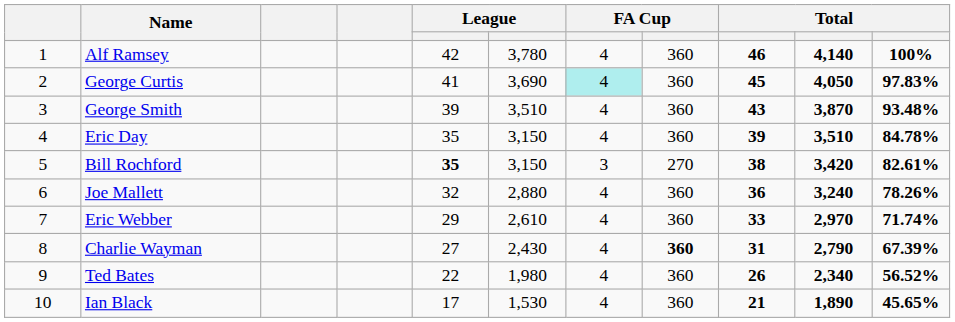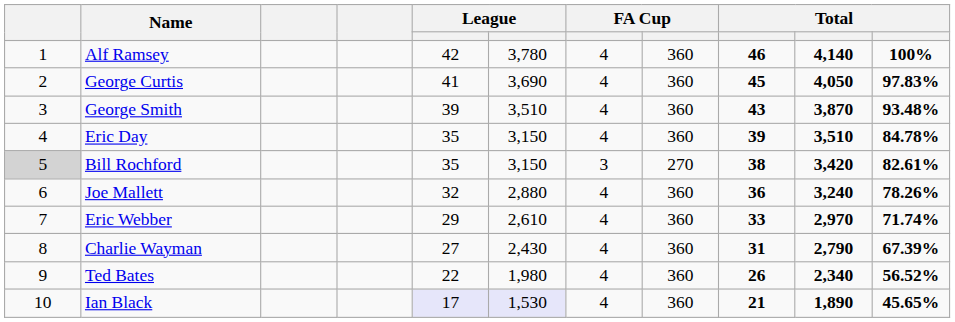 <table class="wikitable plainrowheaders" style="text-align:center;">
 <tr>
 <th scope="col" rowspan="2" style="width:4em;"></th>
 <th scope="col" rowspan="2" style="width:10em;">Name</th>
 <th scope="col" rowspan="2" style="width:4em;"></th>
 <th scope="col" rowspan="2" style="width:4em;"></th>
 <th scope="col" colspan="2">League</th>
 <th scope="col" colspan="2">FA Cup</th>
 <th scope="col" colspan="3">Total</th>
 </tr>
 <tr>
 <th scope="col" style="width:4em;"></th>
 <th scope="col" style="width:4em;"></th>
 <th scope="col" style="width:4em;"></th>
 <th scope="col" style="width:4em;"></th>
 <th scope="col" style="width:4em;"></th>
 <th scope="col" style="width:4em;"></th>
 <th scope="col" style="width:4em;"></th>
 </tr>
 <tr>
 <td>1</td>
 <td align="left"><a href='#'>Alf Ramsey</a></td>
 <td></td>
 <td></td>
 <td>42</td>
 <td>3,780</td>
 <td>4</td>
 <td>360</td>
 <td><strong>46</strong></td>
 <td><strong>4,140</strong></td>
 <td><strong>100%</strong></td>
 </tr>
 <tr>
 <td>2</td>
 <td align="left"><a href='#'>George Curtis</a></td>
 <td></td>
 <td></td>
 <td>41</td>
 <td>3,690</td>
-<td style="background: paleturquoise;">4</td>
+<td>4</td>
 <td>360</td>
 <td><strong>45</strong></td>
 <td><strong>4,050</strong></td>
 <td><strong>97.83%</strong></td>
 </tr>
 <tr>
 <td>3</td>
 <td align="left"><a href='#'>George Smith</a></td>
 <td></td>
 <td></td>
 <td>39</td>
 <td>3,510</td>
 <td>4</td>
 <td>360</td>
 <td><strong>43</strong></td>
 <td><strong>3,870</strong></td>
 <td><strong>93.48%</strong></td>
 </tr>
 <tr>
 <td>4</td>
 <td align="left"><a href='#'>Eric Day</a></td>
 <td></td>
 <td></td>
 <td>35</td>
 <td>3,150</td>
 <td>4</td>
 <td>360</td>
 <td><strong>39</strong></td>
 <td><strong>3,510</strong></td>
 <td><strong>84.78%</strong></td>
 </tr>
 <tr>
-<td>5</td>
+<td style="background: lightgrey;">5</td>
 <td align="left"><a href='#'>Bill Rochford</a></td>
 <td></td>
 <td></td>
-<td><strong>35</strong></td>
+<td>35</td>
 <td>3,150</td>
 <td>3</td>
 <td>270</td>
 <td><strong>38</strong></td>
 <td><strong>3,420</strong></td>
 <td><strong>82.61%</strong></td>
 </tr>
 <tr>
 <td>6</td>
 <td align="left"><a href='#'>Joe Mallett</a></td>
 <td></td>
 <td></td>
 <td>32</td>
 <td>2,880</td>
 <td>4</td>
 <td>360</td>
 <td><strong>36</strong></td>
 <td><strong>3,240</strong></td>
 <td><strong>78.26%</strong></td>
 </tr>
 <tr>
 <td>7</td>
 <td align="left"><a href='#'>Eric Webber</a></td>
 <td></td>
 <td></td>
 <td>29</td>
 <td>2,610</td>
 <td>4</td>
 <td>360</td>
 <td><strong>33</strong></td>
 <td><strong>2,970</strong></td>
 <td><strong>71.74%</strong></td>
 </tr>
 <tr>
 <td>8</td>
 <td align="left"><a href='#'>Charlie Wayman</a></td>
 <td></td>
 <td></td>
 <td>27</td>
 <td>2,430</td>
 <td>4</td>
-<td><strong>360</strong></td>
+<td>360</td>
 <td><strong>31</strong></td>
 <td><strong>2,790</strong></td>
 <td><strong>67.39%</strong></td>
 </tr>
 <tr>
 <td>9</td>
 <td align="left"><a href='#'>Ted Bates</a></td>
 <td></td>
 <td></td>
 <td>22</td>
 <td>1,980</td>
 <td>4</td>
 <td>360</td>
 <td><strong>26</strong></td>
 <td><strong>2,340</strong></td>
 <td><strong>56.52%</strong></td>
 </tr>
 <tr>
 <td>10</td>
 <td align="left"><a href='#'>Ian Black</a></td>
 <td></td>
 <td></td>
-<td>17</td>
-<td>1,530</td>
+<td style="background: lavender;">17</td>
+<td style="background: lavender;">1,530</td>
 <td>4</td>
 <td>360</td>
 <td><strong>21</strong></td>
 <td><strong>1,890</strong></td>
 <td><strong>45.65%</strong></td>
 </tr>
 </table>
